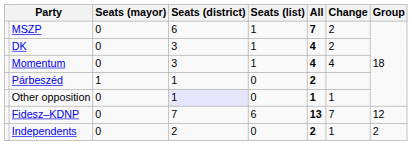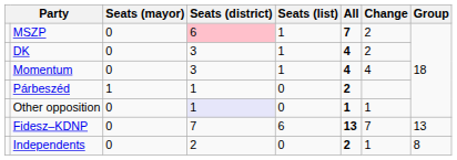 <table class="wikitable">
 <tr>
 <th colspan=2>Party</th>
 <th>Seats (mayor)</th>
 <th>Seats (district)</th>
 <th>Seats (list)</th>
 <th>All</th>
 <th>Change</th>
 <th>Group</th>
 </tr>
 <tr>
 <td style="background-color: "></td>
 <td><a href='#'>MSZP</a></td>
 <td>0</td>
-<td>6</td>
+<td style="background: pink;">6</td>
 <td>1</td>
 <td><strong>7</strong></td>
 <td> 2</td>
 <td rowspan=5>18</td>
 </tr>
 <tr>
 <td style="background-color: "></td>
 <td><a href='#'>DK</a></td>
 <td>0</td>
 <td>3</td>
 <td>1</td>
 <td><strong>4</strong></td>
 <td> 2</td>
 </tr>
 <tr>
 <td style="background-color: "></td>
 <td><a href='#'>Momentum</a></td>
 <td>0</td>
 <td>3</td>
 <td>1</td>
 <td><strong>4</strong></td>
 <td> 4</td>
 </tr>
 <tr>
 <td style="background-color: "></td>
 <td><a href='#'>Párbeszéd</a></td>
 <td>1</td>
 <td>1</td>
 <td>0</td>
 <td><strong>2</strong></td>
 <td></td>
 </tr>
 <tr>
 <td style="background-color: "></td>
 <td>Other opposition</td>
 <td>0</td>
 <td style="background: lavender;">1</td>
 <td>0</td>
 <td><strong>1</strong></td>
 <td> 1</td>
 </tr>
 <tr>
 <td style="background-color: "></td>
 <td><a href='#'>Fidesz–KDNP</a></td>
 <td>0</td>
 <td>7</td>
 <td>6</td>
 <td><strong>13</strong></td>
 <td> 7</td>
-<td>12</td>
+<td>13</td>
 </tr>
 <tr>
 <td style="background-color: "></td>
 <td><a href='#'>Independents</a></td>
 <td>0</td>
 <td>2</td>
 <td>0</td>
 <td><strong>2</strong></td>
 <td> 1</td>
-<td>2</td>
+<td>8</td>
 </tr>
 </table>
